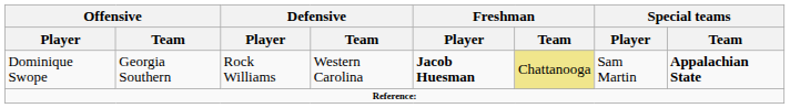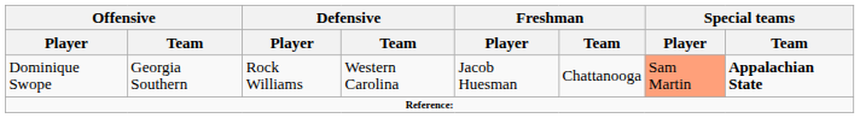 <table class="wikitable" border="1">
 <tr>
 <th colspan="2">Offensive</th>
 <th colspan="2">Defensive</th>
 <th colspan="2">Freshman</th>
 <th colspan="2">Special teams</th>
 </tr>
 <tr>
 <th>Player</th>
 <th>Team</th>
 <th>Player</th>
 <th>Team</th>
 <th>Player</th>
 <th>Team</th>
 <th>Player</th>
 <th>Team</th>
 </tr>
 <tr>
 <td>Dominique Swope</td>
 <td>Georgia Southern</td>
 <td>Rock Williams</td>
 <td>Western Carolina</td>
-<td><strong>Jacob Huesman</strong></td>
-<td style="background: khaki;">Chattanooga</td>
-<td>Sam Martin</td>
+<td>Jacob Huesman</td>
+<td>Chattanooga</td>
+<td style="background: lightsalmon;">Sam Martin</td>
 <td><strong>Appalachian State</strong></td>
 </tr>
 <tr>
 <td colspan="8" style="font-size: 8pt" align="center"><strong>Reference:</strong></td>
 </tr>
 </table>
